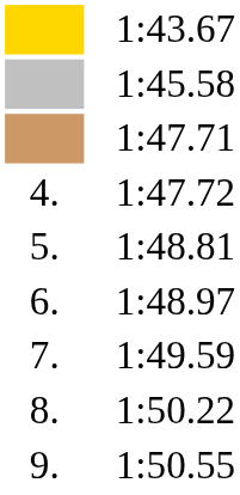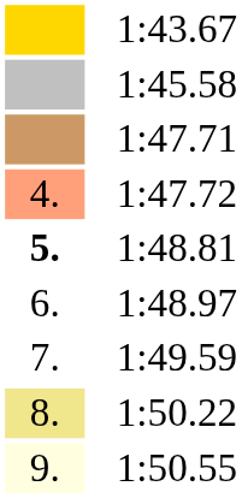 <table style="text-align:center">
 <tr>
 <td width=30 bgcolor=gold></td>
 <td align=left></td>
 <td width=60>1:43.67</td>
 </tr>
 <tr>
 <td bgcolor=silver></td>
 <td align=left></td>
 <td>1:45.58</td>
 </tr>
 <tr>
 <td bgcolor=cc9966></td>
 <td align=left></td>
 <td>1:47.71</td>
 </tr>
 <tr>
-<td>4.</td>
+<td style="background: lightsalmon;">4.</td>
 <td align=left></td>
 <td>1:47.72</td>
 </tr>
 <tr>
-<td>5.</td>
+<td><strong>5.</strong></td>
 <td align=left></td>
 <td>1:48.81</td>
 </tr>
 <tr>
 <td>6.</td>
 <td align=left></td>
 <td>1:48.97</td>
 </tr>
 <tr>
 <td>7.</td>
 <td align=left></td>
 <td>1:49.59</td>
 </tr>
 <tr>
-<td>8.</td>
+<td style="background: khaki;">8.</td>
 <td align=left></td>
 <td>1:50.22</td>
 </tr>
 <tr>
-<td>9.</td>
+<td style="background: lightyellow;">9.</td>
 <td align=left></td>
 <td>1:50.55</td>
 </tr>
 </table>
